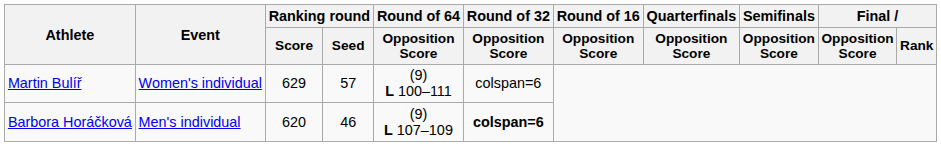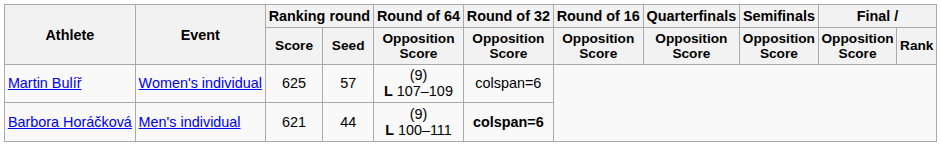 <table class="wikitable" style="font-size:90%">
 <tr>
 <th rowspan="2">Athlete</th>
 <th rowspan="2">Event</th>
 <th colspan="2">Ranking round</th>
 <th>Round of 64</th>
 <th>Round of 32</th>
 <th>Round of 16</th>
 <th>Quarterfinals</th>
 <th>Semifinals</th>
 <th colspan="2">Final / </th>
 </tr>
 <tr style="font-size:95%">
 <th>Score</th>
 <th>Seed</th>
 <th>Opposition<br>Score</th>
 <th>Opposition<br>Score</th>
 <th>Opposition<br>Score</th>
 <th>Opposition<br>Score</th>
 <th>Opposition<br>Score</th>
 <th>Opposition<br>Score</th>
 <th>Rank</th>
 </tr>
 <tr align=center>
 <td align=left><a href='#'>Martin Bulíř</a></td>
 <td align=left><a href='#'>Women's individual</a></td>
-<td>629</td>
+<td>625</td>
 <td>57</td>
-<td> (9)<br><strong>L</strong> 100–111</td>
+<td> (9)<br><strong>L</strong> 107–109</td>
 <td>colspan=6 </td>
 </tr>
 <tr align=center>
 <td align=left><a href='#'>Barbora Horáčková</a></td>
 <td align=left><a href='#'>Men's individual</a></td>
-<td>620</td>
-<td>46</td>
-<td> (9)<br><strong>L</strong> 107–109</td>
+<td>621</td>
+<td>44</td>
+<td> (9)<br><strong>L</strong> 100–111</td>
 <td><strong>colspan=6 </strong></td>
 </tr>
 </table>
